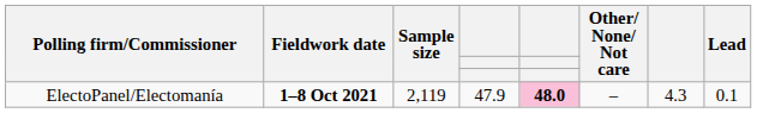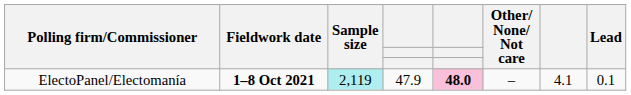 <table class="wikitable collapsible collapsed" style="text-align:center; font-size:90%; line-height:14px;">
 <tr style="height:42px;">
 <th style="width:250px;" rowspan="3">Polling firm/Commissioner</th>
 <th style="width:125px;" rowspan="3">Fieldwork date</th>
 <th style="width:50px;" rowspan="3">Sample size</th>
 <th style="width:55px;"></th>
 <th style="width:55px;"></th>
 <th style="width:55px;" rowspan="3">Other/<br>None/<br>Not<br>care</th>
 <th style="width:55px;" rowspan="3"></th>
 <th style="width:30px;" rowspan="3">Lead</th>
 </tr>
 <tr>
 <th style="color:inherit;background:"></th>
 <th style="background:"></th>
 </tr>
 <tr>
 <th></th>
 <th></th>
 </tr>
 <tr>
 <td>ElectoPanel/Electomanía</td>
 <td><strong>1–8 Oct 2021</strong></td>
-<td>2,119</td>
+<td style="background: paleturquoise;">2,119</td>
 <td>47.9</td>
 <td style= "background:#FAC0D9;"><strong>48.0</strong></td>
 <td>–</td>
-<td>4.3</td>
+<td>4.1</td>
 <td style="background:">0.1</td>
 </tr>
 </table>
